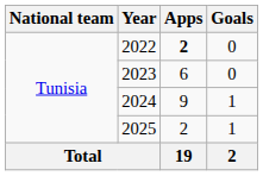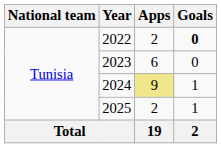 <table class="wikitable" style="text-align: center;">
 <tr>
 <th>National team</th>
 <th>Year</th>
 <th>Apps</th>
 <th>Goals</th>
 </tr>
 <tr>
 <td rowspan="4"><a href='#'>Tunisia</a></td>
 <td>2022</td>
-<td><strong>2</strong></td>
-<td>0</td>
+<td>2</td>
+<td><strong>0</strong></td>
 </tr>
 <tr>
 <td>2023</td>
 <td>6</td>
 <td>0</td>
 </tr>
 <tr>
 <td>2024</td>
-<td>9</td>
+<td style="background: khaki;">9</td>
 <td>1</td>
 </tr>
 <tr>
 <td>2025</td>
 <td>2</td>
 <td>1</td>
 </tr>
 <tr>
 <th colspan="2">Total</th>
 <th>19</th>
 <th>2</th>
 </tr>
 </table>
